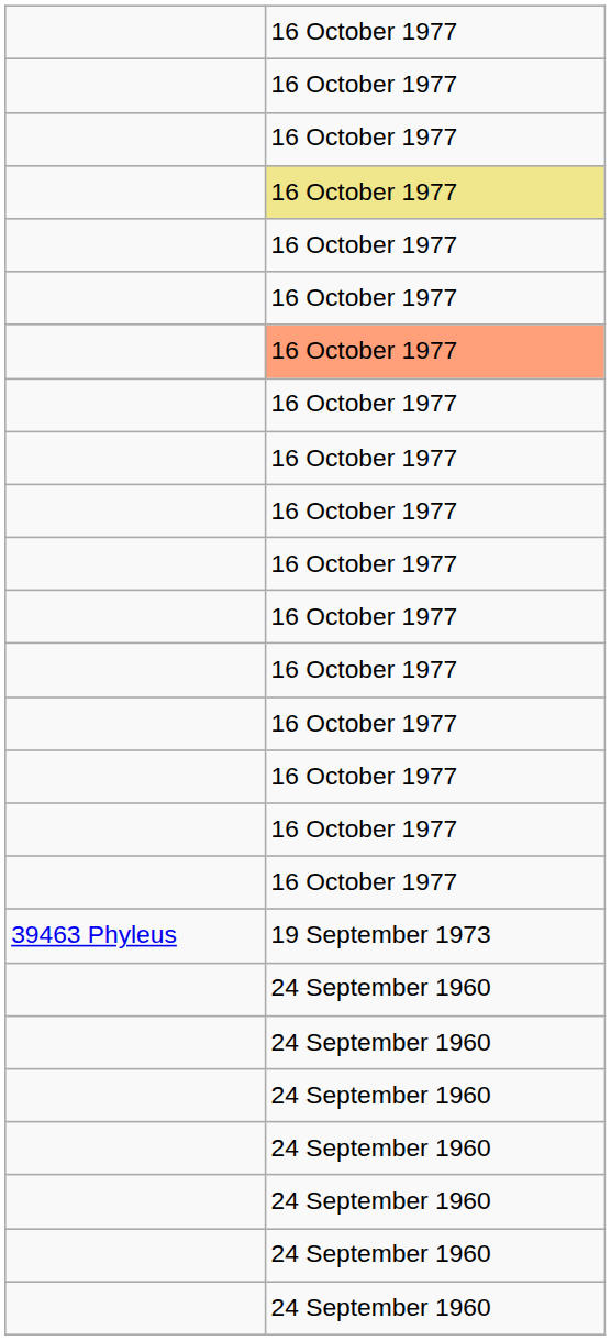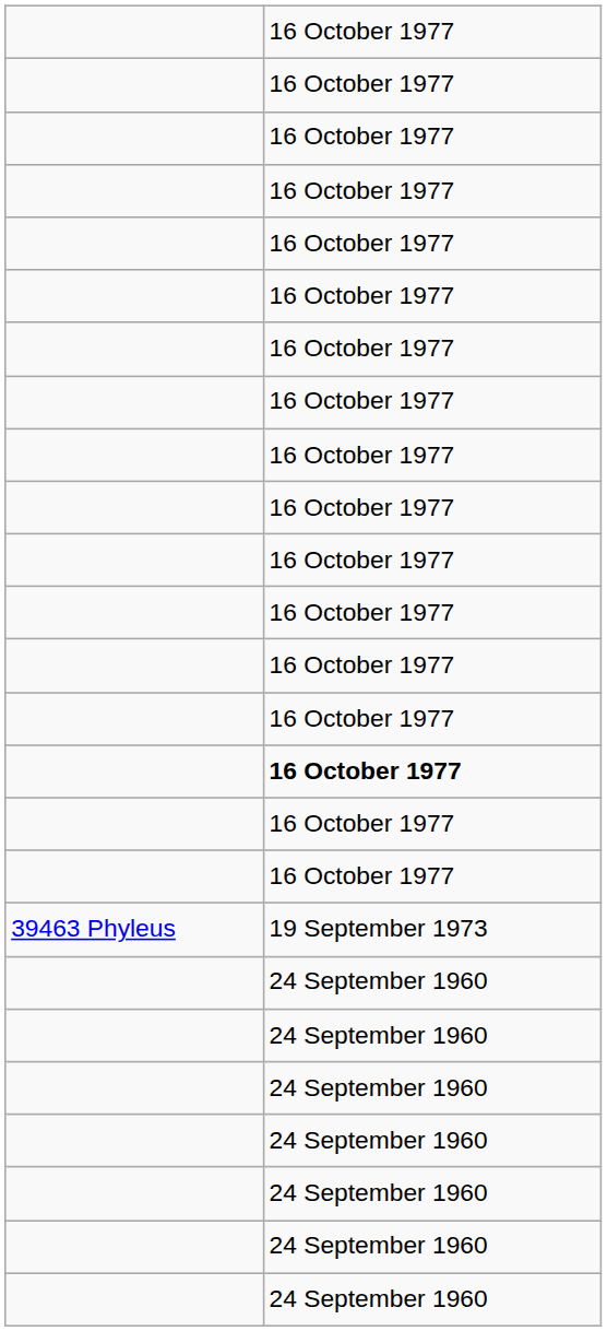 <table class="wikitable" style="font-size: 89%; float: left; width: 24em; margin-right: 1em; line-height: 1.65em">
 <tr>
 <td></td>
 <td>16 October 1977</td>
-</tr>
-<tr>
-<td></td>
-<td>16 October 1977</td>
-</tr>
-<tr>
-<td></td>
-<td>16 October 1977</td>
-</tr>
-<tr>
-<td></td>
-<td style="background: khaki;">16 October 1977</td>
-</tr>
-<tr>
-<td></td>
-<td>16 October 1977</td>
-</tr>
-<tr>
-<td></td>
-<td>16 October 1977</td>
-</tr>
-<tr>
-<td></td>
-<td style="background: lightsalmon;">16 October 1977</td>
 </tr>
 <tr>
 <td></td>
 <td>16 October 1977</td>
 </tr>
 <tr>
 <td></td>
 <td>16 October 1977</td>
 </tr>
 <tr>
 <td></td>
 <td>16 October 1977</td>
 </tr>
 <tr>
 <td></td>
 <td>16 October 1977</td>
 </tr>
 <tr>
 <td></td>
 <td>16 October 1977</td>
 </tr>
 <tr>
 <td></td>
 <td>16 October 1977</td>
 </tr>
 <tr>
 <td></td>
 <td>16 October 1977</td>
 </tr>
 <tr>
 <td></td>
 <td>16 October 1977</td>
 </tr>
 <tr>
 <td></td>
 <td>16 October 1977</td>
 </tr>
 <tr>
 <td></td>
 <td>16 October 1977</td>
 </tr>
 <tr>
+<td></td>
+<td>16 October 1977</td>
+</tr>
+<tr>
+<td></td>
+<td>16 October 1977</td>
+</tr>
+<tr>
+<td></td>
+<td>16 October 1977</td>
+</tr>
+<tr>
+<td></td>
+<td><strong>16 October 1977</strong></td>
+</tr>
+<tr>
+<td></td>
+<td>16 October 1977</td>
+</tr>
+<tr>
+<td></td>
+<td>16 October 1977</td>
+</tr>
+<tr>
 <td><a href='#'>39463 Phyleus</a></td>
 <td>19 September 1973</td>
 </tr>
 <tr>
 <td></td>
 <td>24 September 1960</td>
 </tr>
 <tr>
 <td></td>
 <td>24 September 1960</td>
 </tr>
 <tr>
 <td></td>
 <td>24 September 1960</td>
 </tr>
 <tr>
 <td></td>
 <td>24 September 1960</td>
 </tr>
 <tr>
 <td></td>
 <td>24 September 1960</td>
 </tr>
 <tr>
 <td></td>
 <td>24 September 1960</td>
 </tr>
 <tr>
 <td></td>
 <td>24 September 1960</td>
 </tr>
 </table>
